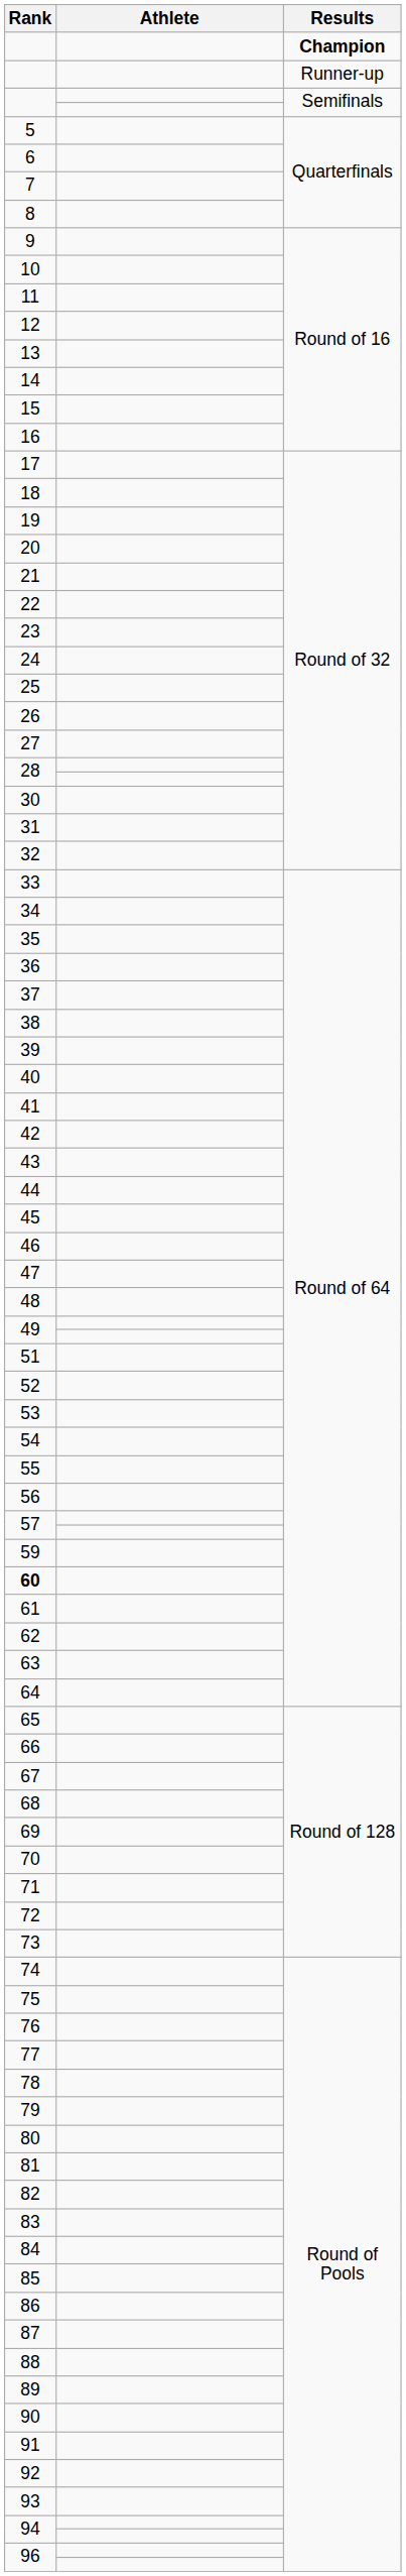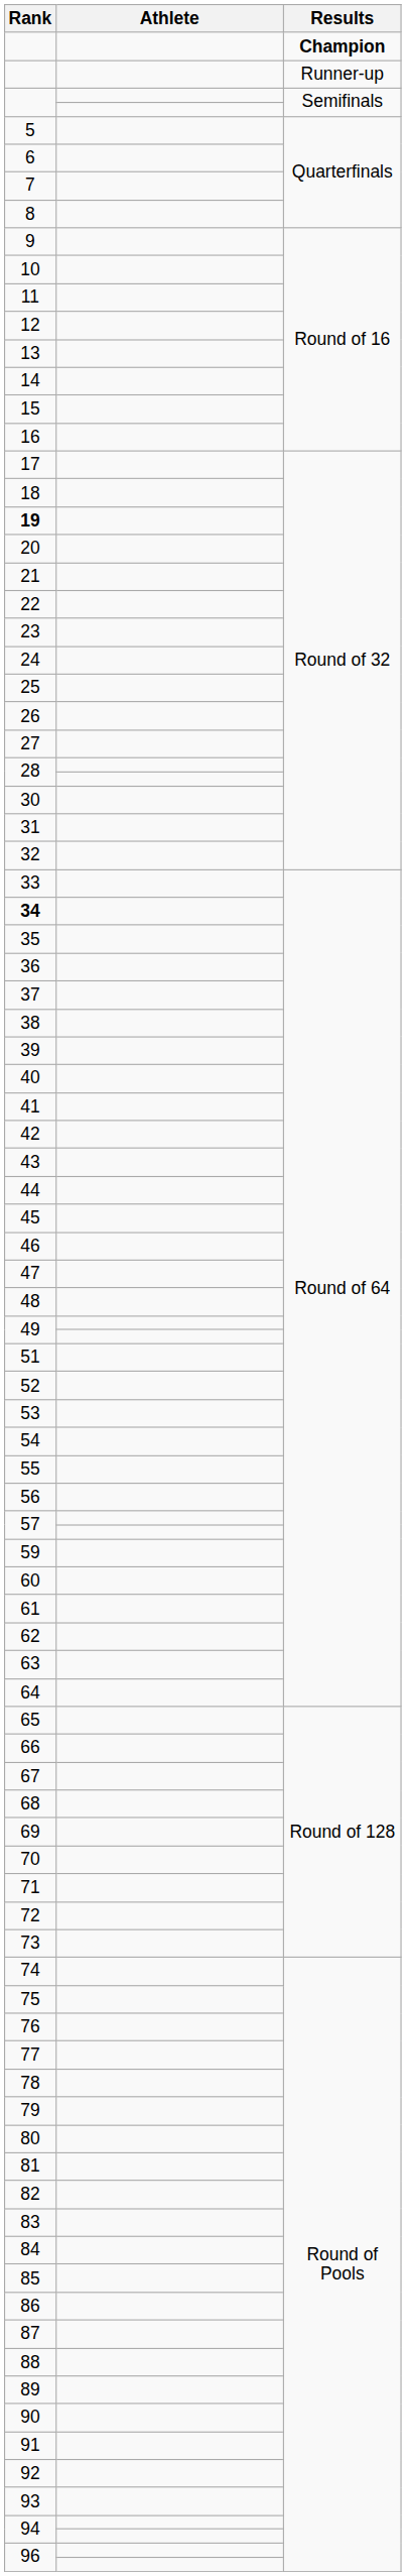 <table class="wikitable" style="text-align:center">
 <tr>
 <th width="25">Rank</th>
 <th width="200">Athlete</th>
 <th width="100">Results</th>
 </tr>
 <tr>
 <td></td>
 <td align="left"><strong></strong></td>
 <td><strong>Champion</strong></td>
 </tr>
 <tr>
 <td></td>
 <td align="left"></td>
 <td>Runner-up</td>
 </tr>
 <tr>
 <td rowspan="2"></td>
 <td align="left"></td>
 <td rowspan="2">Semifinals</td>
 </tr>
 <tr>
 <td align="left"></td>
 </tr>
 <tr>
 <td>5</td>
 <td align="left"></td>
 <td rowspan="4">Quarterfinals</td>
 </tr>
 <tr>
 <td>6</td>
 <td align="left"></td>
 </tr>
 <tr>
 <td>7</td>
 <td align="left"></td>
 </tr>
 <tr>
 <td>8</td>
 <td align="left"></td>
 </tr>
 <tr>
 <td>9</td>
 <td align="left"></td>
 <td rowspan="8">Round of 16</td>
 </tr>
 <tr>
 <td>10</td>
 <td align="left"></td>
 </tr>
 <tr>
 <td>11</td>
 <td align="left"></td>
 </tr>
 <tr>
 <td>12</td>
 <td align="left"></td>
 </tr>
 <tr>
 <td>13</td>
 <td align="left"></td>
 </tr>
 <tr>
 <td>14</td>
 <td align="left"></td>
 </tr>
 <tr>
 <td>15</td>
 <td align="left"></td>
 </tr>
 <tr>
 <td>16</td>
 <td align="left"></td>
 </tr>
 <tr>
 <td>17</td>
 <td align="left"></td>
 <td rowspan="16">Round of 32</td>
 </tr>
 <tr>
 <td>18</td>
 <td align="left"></td>
 </tr>
 <tr>
-<td>19</td>
+<td><strong>19</strong></td>
 <td align="left"></td>
 </tr>
 <tr>
 <td>20</td>
 <td align="left"></td>
 </tr>
 <tr>
 <td>21</td>
 <td align="left"></td>
 </tr>
 <tr>
 <td>22</td>
 <td align="left"></td>
 </tr>
 <tr>
 <td>23</td>
 <td align="left"></td>
 </tr>
 <tr>
 <td>24</td>
 <td align="left"></td>
 </tr>
 <tr>
 <td>25</td>
 <td align="left"></td>
 </tr>
 <tr>
 <td>26</td>
 <td align="left"></td>
 </tr>
 <tr>
 <td>27</td>
 <td align="left"></td>
 </tr>
 <tr>
 <td rowspan="2">28</td>
 <td align="left"></td>
 </tr>
 <tr>
 <td align="left"></td>
 </tr>
 <tr>
 <td>30</td>
 <td align="left"></td>
 </tr>
 <tr>
 <td>31</td>
 <td align="left"></td>
 </tr>
 <tr>
 <td>32</td>
 <td align="left"></td>
 </tr>
 <tr>
 <td>33</td>
 <td align="left"></td>
 <td rowspan="32">Round of 64</td>
 </tr>
 <tr>
-<td>34</td>
+<td><strong>34</strong></td>
 <td align="left"></td>
 </tr>
 <tr>
 <td>35</td>
 <td align="left"></td>
 </tr>
 <tr>
 <td>36</td>
 <td align="left"></td>
 </tr>
 <tr>
 <td>37</td>
 <td align="left"></td>
 </tr>
 <tr>
 <td>38</td>
 <td align="left"></td>
 </tr>
 <tr>
 <td>39</td>
 <td align="left"></td>
 </tr>
 <tr>
 <td>40</td>
 <td align="left"></td>
 </tr>
 <tr>
 <td>41</td>
 <td align="left"></td>
 </tr>
 <tr>
 <td>42</td>
 <td align="left"></td>
 </tr>
 <tr>
 <td>43</td>
 <td align="left"></td>
 </tr>
 <tr>
 <td>44</td>
 <td align="left"></td>
 </tr>
 <tr>
 <td>45</td>
 <td align="left"></td>
 </tr>
 <tr>
 <td>46</td>
 <td align="left"></td>
 </tr>
 <tr>
 <td>47</td>
 <td align="left"></td>
 </tr>
 <tr>
 <td>48</td>
 <td align="left"></td>
 </tr>
 <tr>
 <td rowspan="2">49</td>
 <td align="left"></td>
 </tr>
 <tr>
 <td align="left"></td>
 </tr>
 <tr>
 <td>51</td>
 <td align="left"></td>
 </tr>
 <tr>
 <td>52</td>
 <td align="left"></td>
 </tr>
 <tr>
 <td>53</td>
 <td align="left"></td>
 </tr>
 <tr>
 <td>54</td>
 <td align="left"></td>
 </tr>
 <tr>
 <td>55</td>
 <td align="left"></td>
 </tr>
 <tr>
 <td>56</td>
 <td align="left"></td>
 </tr>
 <tr>
 <td rowspan="2">57</td>
 <td align="left"></td>
 </tr>
 <tr>
 <td align="left"></td>
 </tr>
 <tr>
 <td>59</td>
 <td align="left"></td>
 </tr>
 <tr>
-<td><strong>60</strong></td>
+<td>60</td>
 <td align="left"></td>
 </tr>
 <tr>
 <td>61</td>
 <td align="left"></td>
 </tr>
 <tr>
 <td>62</td>
 <td align="left"></td>
 </tr>
 <tr>
 <td>63</td>
 <td align="left"></td>
 </tr>
 <tr>
 <td>64</td>
 <td align="left"></td>
 </tr>
 <tr>
 <td>65</td>
 <td align="left"></td>
 <td rowspan="9">Round of 128</td>
 </tr>
 <tr>
 <td>66</td>
 <td align="left"></td>
 </tr>
 <tr>
 <td>67</td>
 <td align="left"></td>
 </tr>
 <tr>
 <td>68</td>
 <td align="left"></td>
 </tr>
 <tr>
 <td>69</td>
 <td align="left"></td>
 </tr>
 <tr>
 <td>70</td>
 <td align="left"></td>
 </tr>
 <tr>
 <td>71</td>
 <td align="left"></td>
 </tr>
 <tr>
 <td>72</td>
 <td align="left"></td>
 </tr>
 <tr>
 <td>73</td>
 <td align="left"></td>
 </tr>
 <tr>
 <td>74</td>
 <td align="left"></td>
 <td rowspan="24">Round of Pools</td>
 </tr>
 <tr>
 <td>75</td>
 <td align="left"></td>
 </tr>
 <tr>
 <td>76</td>
 <td align="left"></td>
 </tr>
 <tr>
 <td>77</td>
 <td align="left"></td>
 </tr>
 <tr>
 <td>78</td>
 <td align="left"></td>
 </tr>
 <tr>
 <td>79</td>
 <td align="left"></td>
 </tr>
 <tr>
 <td>80</td>
 <td align="left"></td>
 </tr>
 <tr>
 <td>81</td>
 <td align="left"></td>
 </tr>
 <tr>
 <td>82</td>
 <td align="left"></td>
 </tr>
 <tr>
 <td>83</td>
 <td align="left"></td>
 </tr>
 <tr>
 <td>84</td>
 <td align="left"></td>
 </tr>
 <tr>
 <td>85</td>
 <td align="left"></td>
 </tr>
 <tr>
 <td>86</td>
 <td align="left"></td>
 </tr>
 <tr>
 <td>87</td>
 <td align="left"></td>
 </tr>
 <tr>
 <td>88</td>
 <td align="left"></td>
 </tr>
 <tr>
 <td>89</td>
 <td align="left"></td>
 </tr>
 <tr>
 <td>90</td>
 <td align="left"></td>
 </tr>
 <tr>
 <td>91</td>
 <td align="left"></td>
 </tr>
 <tr>
 <td>92</td>
 <td align="left"></td>
 </tr>
 <tr>
 <td>93</td>
 <td align="left"></td>
 </tr>
 <tr>
 <td rowspan="2">94</td>
 <td align="left"></td>
 </tr>
 <tr>
 <td align="left"></td>
 </tr>
 <tr>
 <td rowspan="2">96</td>
 <td align="left"></td>
 </tr>
 <tr>
 <td align="left"></td>
 </tr>
 </table>
